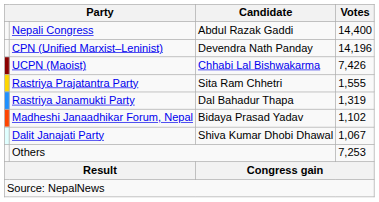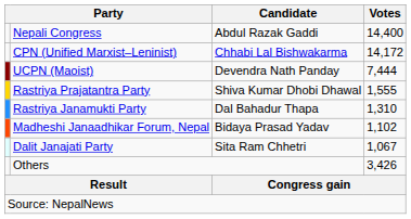 <table class="wikitable">
 <tr>
 <th colspan="2">Party</th>
 <th>Candidate</th>
 <th>Votes</th>
 </tr>
 <tr>
 <td style="background-color:"></td>
 <td><a href='#'>Nepali Congress</a></td>
 <td>Abdul Razak Gaddi</td>
 <td>14,400</td>
 </tr>
 <tr>
 <td style="background-color:"></td>
 <td><a href='#'>CPN (Unified Marxist–Leninist)</a></td>
-<td>Devendra Nath Panday</td>
-<td>14,196</td>
+<td><a href='#'>Chhabi Lal Bishwakarma</a></td>
+<td>14,172</td>
 </tr>
 <tr>
 <td style="background-color:darkred"></td>
 <td><a href='#'>UCPN (Maoist)</a></td>
-<td><a href='#'>Chhabi Lal Bishwakarma</a></td>
-<td>7,426</td>
+<td>Devendra Nath Panday</td>
+<td>7,444</td>
 </tr>
 <tr>
 <td style="background-color:gold"></td>
 <td><a href='#'>Rastriya Prajatantra Party</a></td>
-<td>Sita Ram Chhetri</td>
+<td>Shiva Kumar Dhobi Dhawal</td>
 <td>1,555</td>
 </tr>
 <tr>
 <td style="background-color:dodgerblue"></td>
 <td><a href='#'>Rastriya Janamukti Party</a></td>
 <td>Dal Bahadur Thapa</td>
-<td>1,319</td>
+<td>1,310</td>
 </tr>
 <tr>
 <td style="background-color:orangered"></td>
 <td><a href='#'>Madheshi Janaadhikar Forum, Nepal</a></td>
 <td>Bidaya Prasad Yadav</td>
 <td>1,102</td>
 </tr>
 <tr>
 <td style="background-color:#e0ffff"></td>
 <td><a href='#'>Dalit Janajati Party</a></td>
-<td>Shiva Kumar Dhobi Dhawal</td>
+<td>Sita Ram Chhetri</td>
 <td>1,067</td>
 </tr>
 <tr>
 <td></td>
 <td colspan="2">Others</td>
-<td>7,253</td>
+<td>3,426</td>
 </tr>
 <tr>
 <th colspan="2">Result</th>
 <th colspan="2">Congress gain</th>
 </tr>
 <tr>
 <td colspan="4">Source: NepalNews</td>
 </tr>
 </table>
